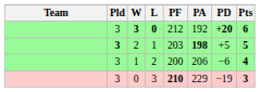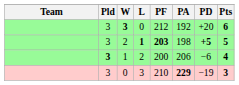 <table class=wikitable>
 <tr align=center>
 </tr>
 <tr>
 <th width=150>Team</th>
 <th width=20>Pld</th>
 <th width=20>W</th>
 <th width=20>L</th>
 <th width=30>PF</th>
 <th width=30>PA</th>
 <th width=30>PD</th>
 <th width=20>Pts</th>
 </tr>
 <tr align=center bgcolor="#98fb98">
 <td align=left></td>
 <td>3</td>
 <td><strong>3</strong></td>
-<td><strong>0</strong></td>
+<td>0</td>
 <td>212</td>
 <td>192</td>
-<td><strong>+20</strong></td>
+<td>+20</td>
 <td><strong>6</strong></td>
 </tr>
 <tr align=center bgcolor="#98fb98">
 <td align=left></td>
-<td><strong>3</strong></td>
+<td>3</td>
 <td>2</td>
-<td>1</td>
-<td>203</td>
-<td><strong>198</strong></td>
-<td>+5</td>
+<td><strong>1</strong></td>
+<td><strong>203</strong></td>
+<td>198</td>
+<td><strong>+5</strong></td>
 <td><strong>5</strong></td>
 </tr>
 <tr align=center bgcolor="#98fb98">
 <td align=left></td>
-<td>3</td>
+<td><strong>3</strong></td>
 <td>1</td>
 <td>2</td>
 <td>200</td>
 <td>206</td>
 <td>−6</td>
 <td><strong>4</strong></td>
 </tr>
 <tr align=center bgcolor=ffcccc>
 <td align=left></td>
 <td>3</td>
 <td>0</td>
 <td>3</td>
-<td><strong>210</strong></td>
-<td>229</td>
+<td>210</td>
+<td><strong>229</strong></td>
 <td>−19</td>
 <td><strong>3</strong></td>
 </tr>
 </table>
